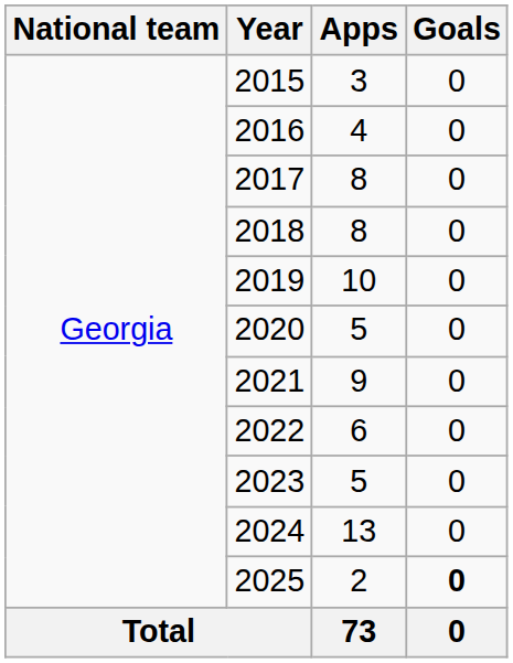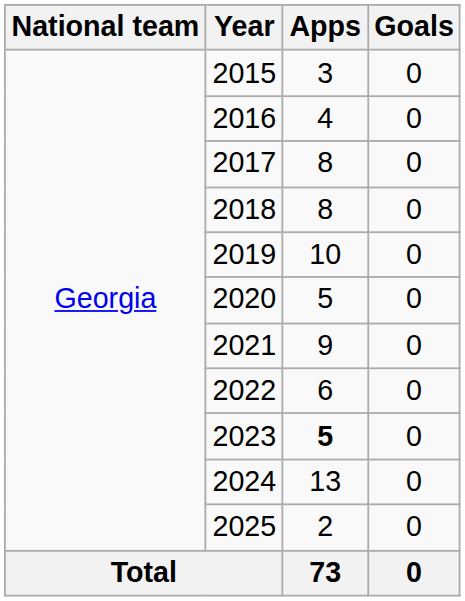 <table class="wikitable" style="text-align:center">
 <tr>
 <th>National team</th>
 <th>Year</th>
 <th>Apps</th>
 <th>Goals</th>
 </tr>
 <tr>
 <td rowspan="11"><a href='#'>Georgia</a></td>
 <td>2015</td>
 <td>3</td>
 <td>0</td>
 </tr>
 <tr>
 <td>2016</td>
 <td>4</td>
 <td>0</td>
 </tr>
 <tr>
 <td>2017</td>
 <td>8</td>
 <td>0</td>
 </tr>
 <tr>
 <td>2018</td>
 <td>8</td>
 <td>0</td>
 </tr>
 <tr>
 <td>2019</td>
 <td>10</td>
 <td>0</td>
 </tr>
 <tr>
 <td>2020</td>
 <td>5</td>
 <td>0</td>
 </tr>
 <tr>
 <td>2021</td>
 <td>9</td>
 <td>0</td>
 </tr>
 <tr>
 <td>2022</td>
 <td>6</td>
 <td>0</td>
 </tr>
 <tr>
 <td>2023</td>
-<td>5</td>
+<td><strong>5</strong></td>
 <td>0</td>
 </tr>
 <tr>
 <td>2024</td>
 <td>13</td>
 <td>0</td>
 </tr>
 <tr>
 <td>2025</td>
 <td>2</td>
-<td><strong>0</strong></td>
+<td>0</td>
 </tr>
 <tr>
 <th colspan="2">Total</th>
 <th>73</th>
 <th>0</th>
 </tr>
 </table>
